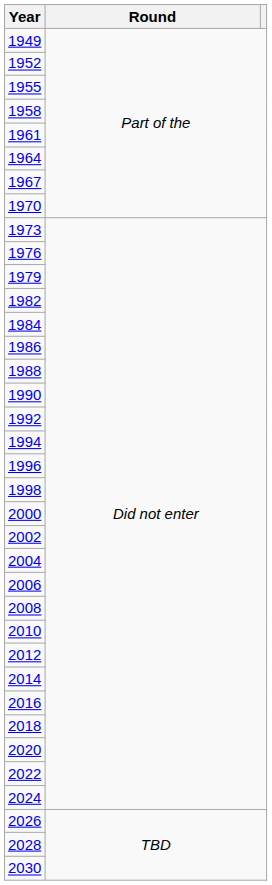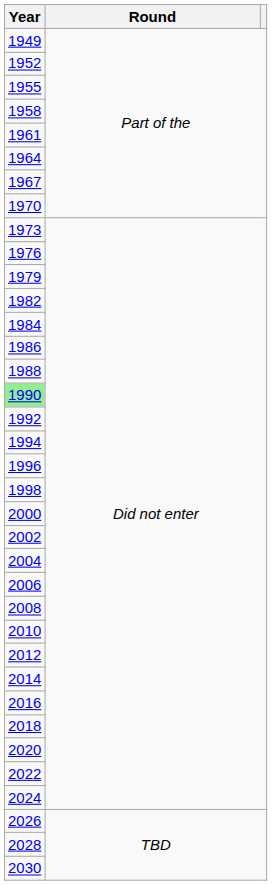 <table class="wikitable" style="text-align: center; font-size:90%">
 <tr>
 <th>Year</th>
 <th style="width:200px">Round</th>
 <th></th>
 </tr>
 <tr>
 <td><a href='#'>1949</a></td>
 <td colspan="2" rowspan="8"><em>Part of the </em></td>
 </tr>
 <tr>
 <td><a href='#'>1952</a></td>
 </tr>
 <tr>
 <td><a href='#'>1955</a></td>
 </tr>
 <tr>
 <td><a href='#'>1958</a></td>
 </tr>
 <tr>
 <td><a href='#'>1961</a></td>
 </tr>
 <tr>
 <td><a href='#'>1964</a></td>
 </tr>
 <tr>
 <td><a href='#'>1967</a></td>
 </tr>
 <tr>
 <td><a href='#'>1970</a></td>
 </tr>
 <tr>
 <td><a href='#'>1973</a></td>
 <td colspan="2" rowspan="25"><em>Did not enter</em></td>
 </tr>
 <tr>
 <td><a href='#'>1976</a></td>
 </tr>
 <tr>
 <td><a href='#'>1979</a></td>
 </tr>
 <tr>
 <td><a href='#'>1982</a></td>
 </tr>
 <tr>
 <td><a href='#'>1984</a></td>
 </tr>
 <tr>
 <td><a href='#'>1986</a></td>
 </tr>
 <tr>
 <td><a href='#'>1988</a></td>
 </tr>
 <tr>
-<td><a href='#'>1990</a></td>
+<td style="background: lightgreen;"><a href='#'>1990</a></td>
 </tr>
 <tr>
 <td><a href='#'>1992</a></td>
 </tr>
 <tr>
 <td><a href='#'>1994</a></td>
 </tr>
 <tr>
 <td><a href='#'>1996</a></td>
 </tr>
 <tr>
 <td><a href='#'>1998</a></td>
 </tr>
 <tr>
 <td><a href='#'>2000</a></td>
 </tr>
 <tr>
 <td><a href='#'>2002</a></td>
 </tr>
 <tr>
 <td><a href='#'>2004</a></td>
 </tr>
 <tr>
 <td><a href='#'>2006</a></td>
 </tr>
 <tr>
 <td><a href='#'>2008</a></td>
 </tr>
 <tr>
 <td><a href='#'>2010</a></td>
 </tr>
 <tr>
 <td><a href='#'>2012</a></td>
 </tr>
 <tr>
 <td><a href='#'>2014</a></td>
 </tr>
 <tr>
 <td><a href='#'>2016</a></td>
 </tr>
 <tr>
 <td><a href='#'>2018</a></td>
 </tr>
 <tr>
 <td><a href='#'>2020</a></td>
 </tr>
 <tr>
 <td><a href='#'>2022</a></td>
 </tr>
 <tr>
 <td><a href='#'>2024</a></td>
 </tr>
 <tr>
 <td><a href='#'>2026</a></td>
 <td colspan="2" rowspan="3"><em>TBD</em></td>
 </tr>
 <tr>
 <td><a href='#'>2028</a></td>
 </tr>
 <tr>
 <td><a href='#'>2030</a></td>
 </tr>
 </table>
